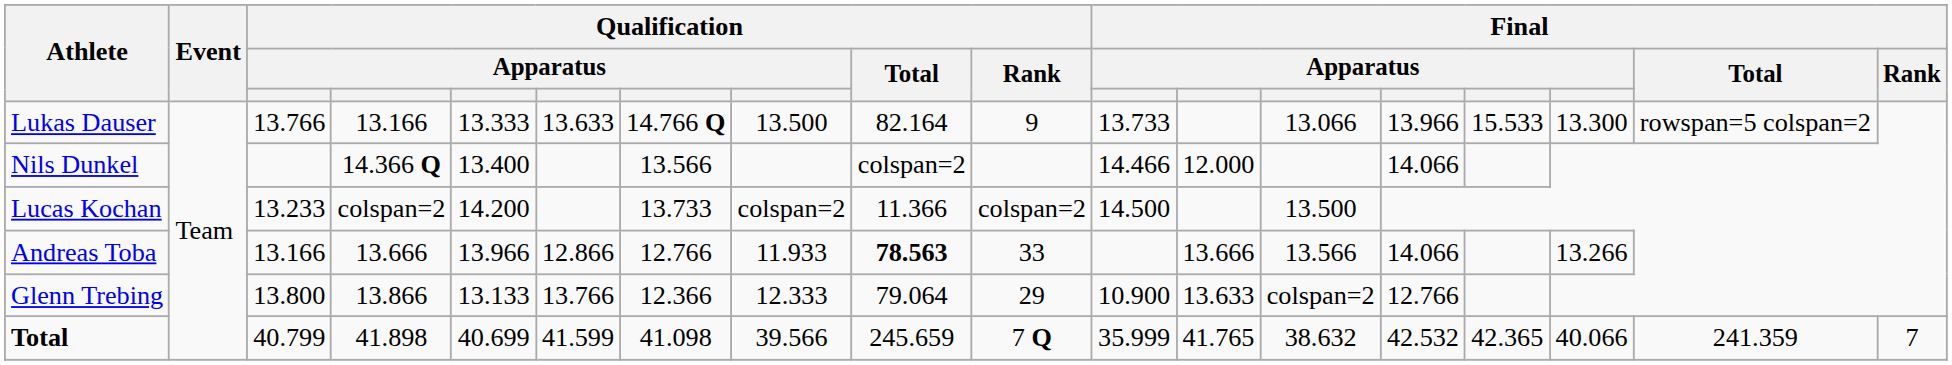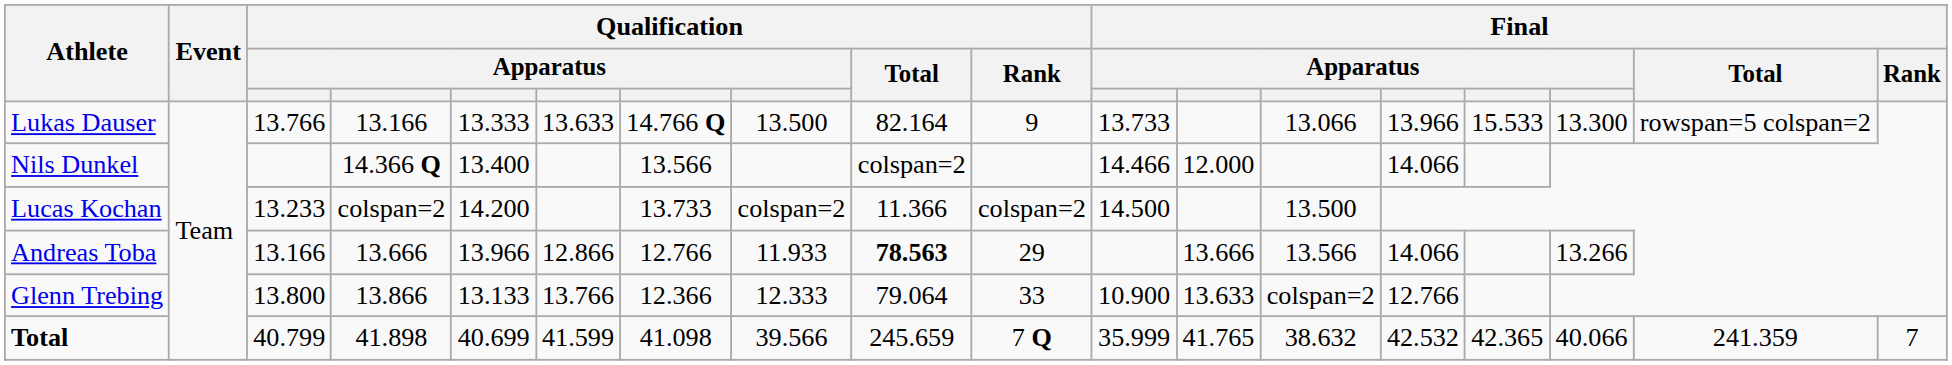 <table class="wikitable" style="font-size:90%">
 <tr>
 <th rowspan=3>Athlete</th>
 <th rowspan=3>Event</th>
 <th colspan =8>Qualification</th>
 <th colspan =8>Final</th>
 </tr>
 <tr style="font-size:95%">
 <th colspan=6>Apparatus</th>
 <th rowspan=2>Total</th>
 <th rowspan=2>Rank</th>
 <th colspan=6>Apparatus</th>
 <th rowspan=2>Total</th>
 <th rowspan=2>Rank</th>
 </tr>
 <tr style="font-size:95%">
 <th></th>
 <th></th>
 <th></th>
 <th></th>
 <th></th>
 <th></th>
 <th></th>
 <th></th>
 <th></th>
 <th></th>
 <th></th>
 <th></th>
 </tr>
 <tr align=center>
 <td align=left><a href='#'>Lukas Dauser</a></td>
 <td align=left rowspan=6>Team</td>
 <td>13.766</td>
 <td>13.166</td>
 <td>13.333</td>
 <td>13.633</td>
 <td>14.766 <strong>Q</strong></td>
 <td>13.500</td>
 <td>82.164</td>
 <td>9</td>
 <td>13.733</td>
 <td></td>
 <td>13.066</td>
 <td>13.966</td>
 <td>15.533</td>
 <td>13.300</td>
 <td>rowspan=5 colspan=2</td>
 </tr>
 <tr align=center>
 <td align=left><a href='#'>Nils Dunkel</a></td>
 <td></td>
 <td>14.366 <strong>Q</strong></td>
 <td>13.400</td>
 <td></td>
 <td>13.566</td>
 <td></td>
 <td>colspan=2</td>
 <td></td>
 <td>14.466</td>
 <td>12.000</td>
 <td></td>
 <td>14.066</td>
 <td></td>
 </tr>
 <tr align=center>
 <td align=left><a href='#'>Lucas Kochan</a></td>
 <td>13.233</td>
 <td>colspan=2</td>
 <td>14.200</td>
 <td></td>
 <td>13.733</td>
 <td>colspan=2</td>
 <td>11.366</td>
 <td>colspan=2</td>
 <td>14.500</td>
 <td></td>
 <td>13.500</td>
 </tr>
 <tr align=center>
 <td align=left><a href='#'>Andreas Toba</a></td>
 <td>13.166</td>
 <td>13.666</td>
 <td>13.966</td>
 <td>12.866</td>
 <td>12.766</td>
 <td>11.933</td>
 <td><strong>78.563</strong></td>
-<td>33</td>
+<td>29</td>
 <td></td>
 <td>13.666</td>
 <td>13.566</td>
 <td>14.066</td>
 <td></td>
 <td>13.266</td>
 </tr>
 <tr align=center>
 <td align=left><a href='#'>Glenn Trebing</a></td>
 <td>13.800</td>
 <td>13.866</td>
 <td>13.133</td>
 <td>13.766</td>
 <td>12.366</td>
 <td>12.333</td>
 <td>79.064</td>
-<td>29</td>
+<td>33</td>
 <td>10.900</td>
 <td>13.633</td>
 <td>colspan=2</td>
 <td>12.766</td>
 <td></td>
 </tr>
 <tr align=center>
 <td align=left><strong>Total</strong></td>
 <td>40.799</td>
 <td>41.898</td>
 <td>40.699</td>
 <td>41.599</td>
 <td>41.098</td>
 <td>39.566</td>
 <td>245.659</td>
 <td>7 <strong>Q</strong></td>
 <td>35.999</td>
 <td>41.765</td>
 <td>38.632</td>
 <td>42.532</td>
 <td>42.365</td>
 <td>40.066</td>
 <td>241.359</td>
 <td>7</td>
 </tr>
 </table>
